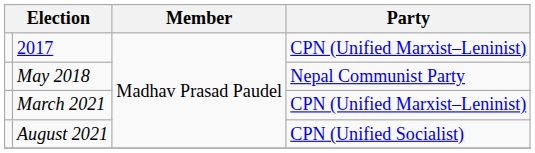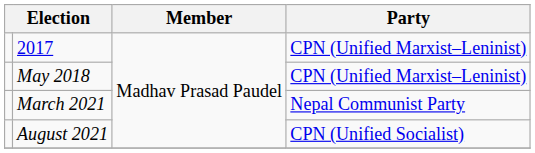 <table class="wikitable">
 <tr>
 <th colspan="2">Election</th>
 <th>Member</th>
 <th>Party</th>
 </tr>
 <tr>
 <td style="background-color:"></td>
 <td><a href='#'>2017</a></td>
 <td rowspan="4">Madhav Prasad Paudel</td>
 <td><a href='#'>CPN (Unified Marxist–Leninist)</a></td>
 </tr>
 <tr>
 <td style="background-color:"></td>
 <td><em>May 2018</em></td>
-<td><a href='#'>Nepal Communist Party</a></td>
+<td><a href='#'>CPN (Unified Marxist–Leninist)</a></td>
 </tr>
 <tr>
 <td style="background-color:"></td>
 <td><em>March 2021</em></td>
-<td><a href='#'>CPN (Unified Marxist–Leninist)</a></td>
+<td><a href='#'>Nepal Communist Party</a></td>
 </tr>
 <tr>
 <td style="background-color:"></td>
 <td><em>August 2021</em></td>
 <td><a href='#'>CPN (Unified Socialist)</a></td>
 </tr>
 <tr>
 </tr>
 </table>
